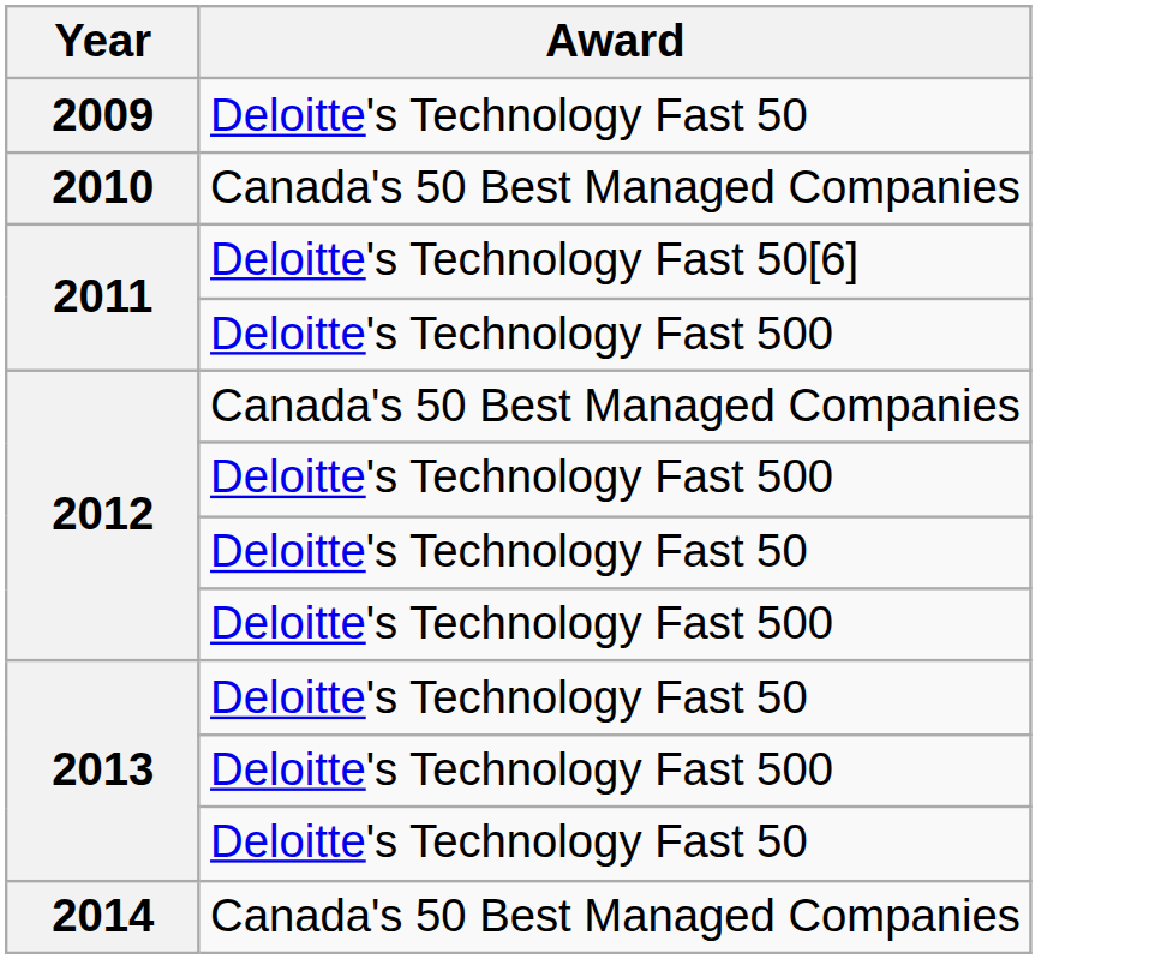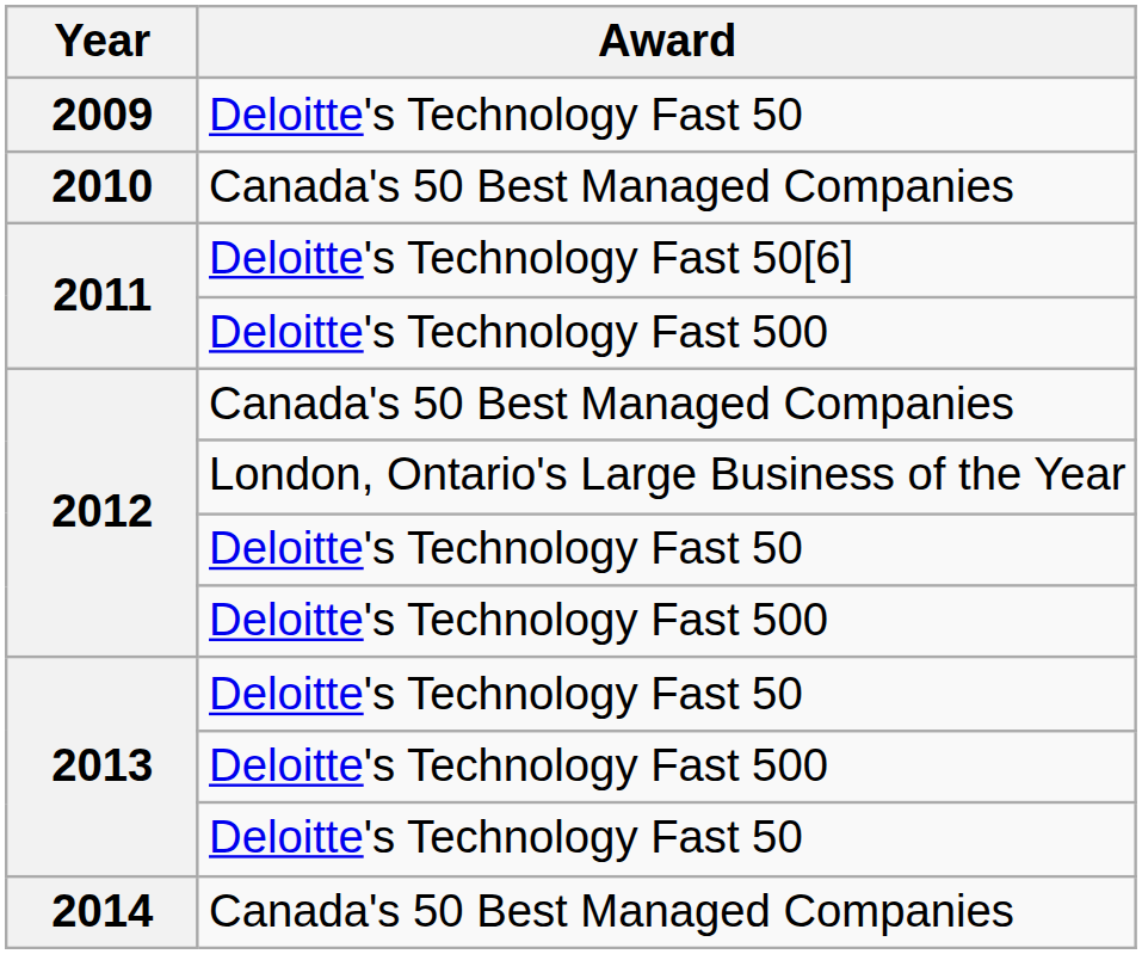 <table class="wikitable">
 <tr>
 <th style="width:60px;">Year</th>
 <th>Award</th>
 </tr>
 <tr>
 <th>2009</th>
 <td><a href='#'>Deloitte</a>'s Technology Fast 50</td>
 </tr>
 <tr>
 <th>2010</th>
 <td>Canada's 50 Best Managed Companies</td>
 </tr>
 <tr>
 <th rowspan=2>2011</th>
 <td><a href='#'>Deloitte</a>'s Technology Fast 50[6]</td>
 </tr>
 <tr>
 <td><a href='#'>Deloitte</a>'s Technology Fast 500</td>
 </tr>
 <tr>
 <th rowspan=4>2012</th>
 <td>Canada's 50 Best Managed Companies</td>
 </tr>
 <tr>
-<td><a href='#'>Deloitte</a>'s Technology Fast 500</td>
+<td>London, Ontario's Large Business of the Year</td>
 </tr>
 <tr>
 <td><a href='#'>Deloitte</a>'s Technology Fast 50</td>
 </tr>
 <tr>
 <td><a href='#'>Deloitte</a>'s Technology Fast 500</td>
 </tr>
 <tr>
 <th rowspan=3>2013</th>
 <td><a href='#'>Deloitte</a>'s Technology Fast 50</td>
 </tr>
 <tr>
 <td><a href='#'>Deloitte</a>'s Technology Fast 500</td>
 </tr>
 <tr>
 <td><a href='#'>Deloitte</a>'s Technology Fast 50</td>
 </tr>
 <tr>
 <th>2014</th>
 <td>Canada's 50 Best Managed Companies</td>
 </tr>
 </table>
